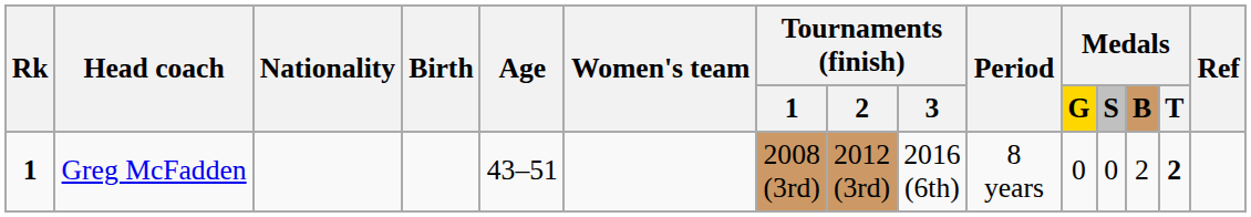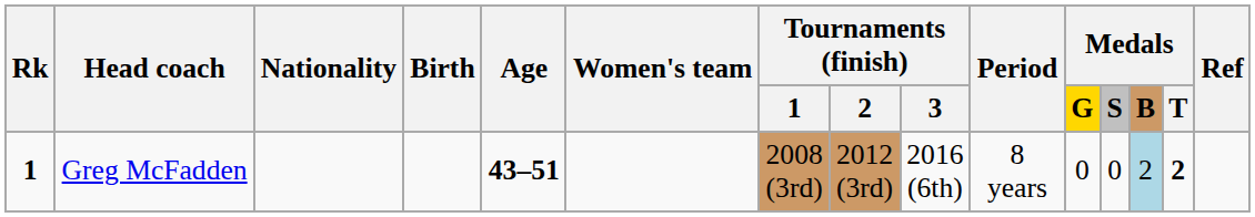 <table class="wikitable sortable" style="text-align: center; font-size: 80%; margin-left: 1em;">
 <tr>
 <th rowspan="2">Rk</th>
 <th rowspan="2">Head coach</th>
 <th rowspan="2">Nationality</th>
 <th rowspan="2">Birth</th>
 <th rowspan="2">Age</th>
 <th rowspan="2">Women's team</th>
 <th colspan="3">Tournaments<br>(finish)</th>
 <th rowspan="2">Period</th>
 <th colspan="4">Medals</th>
 <th rowspan="2" class="unsortable">Ref</th>
 </tr>
 <tr>
 <th>1</th>
 <th style="width: 2em;" class="unsortable">2</th>
 <th style="width: 2em;" class="unsortable">3</th>
 <th style="background-color: gold;">G</th>
 <th style="background-color: silver;">S</th>
 <th style="background-color: #cc9966;">B</th>
 <th>T</th>
 </tr>
 <tr>
 <td><strong>1</strong></td>
 <td style="text-align: left;" data-sort-value="McFadden, Greg"><a href='#'>Greg McFadden</a></td>
 <td style="text-align: left;"></td>
 <td></td>
-<td>43–51</td>
+<td><strong>43–51</strong></td>
 <td style="text-align: left;"></td>
 <td style="background-color: #cc9966;">2008<br>(3rd)</td>
 <td style="background-color: #cc9966;">2012<br>(3rd)</td>
 <td>2016<br>(6th)</td>
 <td>8<br>years</td>
 <td>0</td>
 <td>0</td>
-<td>2</td>
+<td style="background: lightblue;">2</td>
 <td><strong>2</strong></td>
 <td><br></td>
 </tr>
 </table>
